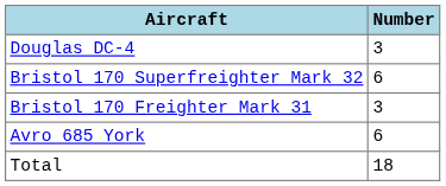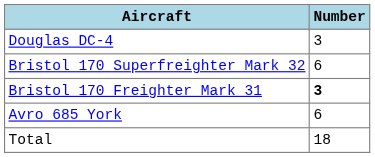 <table class="toccolours" border="1" cellpadding="3" style="border-collapse:collapse">
 <tr bgcolor=lightblue>
 <th>Aircraft</th>
 <th>Number</th>
 </tr>
 <tr>
 <td><a href='#'>Douglas DC-4</a></td>
 <td>3</td>
 </tr>
 <tr>
 <td><a href='#'>Bristol 170 Superfreighter Mark 32</a></td>
 <td>6</td>
 </tr>
 <tr>
 <td><a href='#'>Bristol 170 Freighter Mark 31</a></td>
-<td>3</td>
+<td><strong>3</strong></td>
 </tr>
 <tr>
 <td><a href='#'>Avro 685 York</a></td>
 <td>6</td>
 </tr>
 <tr>
 <td>Total</td>
 <td>18</td>
 </tr>
 </table>
